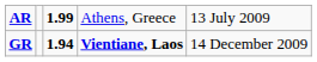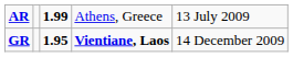 <table class="wikitable" style="font-size:95%; position:relative;">
 <tr>
 <td align=center><strong><a href='#'>AR</a></strong></td>
 <td></td>
 <td><strong>1.99</strong></td>
 <td><a href='#'>Athens</a>, Greece</td>
 <td>13 July 2009</td>
 </tr>
 <tr>
 <td align=center><strong><a href='#'>GR</a></strong></td>
 <td></td>
-<td><strong>1.94</strong></td>
+<td><strong>1.95</strong></td>
 <td><strong><a href='#'>Vientiane</a>, Laos</strong></td>
 <td>14 December 2009</td>
 </tr>
 </table>
